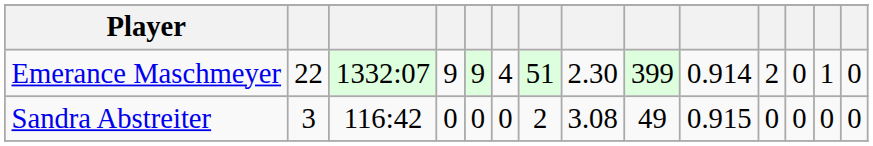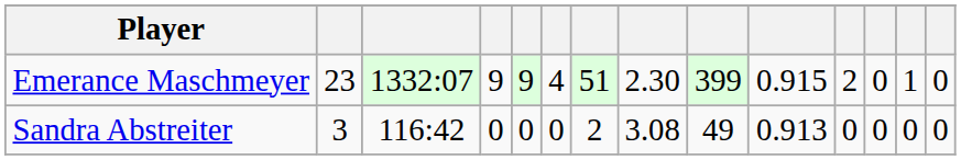 <table class="wikitable sortable" style="text-align:center">
 <tr>
 </tr>
 <tr>
 <th>Player</th>
 <th></th>
 <th></th>
 <th></th>
 <th></th>
 <th></th>
 <th></th>
 <th></th>
 <th></th>
 <th></th>
 <th></th>
 <th></th>
 <th></th>
 <th></th>
 </tr>
 <tr>
 <td style="text-align:left;"><a href='#'>Emerance Maschmeyer</a></td>
-<td>22</td>
+<td>23</td>
 <td style="background:#DDFFDD;">1332:07</td>
 <td>9</td>
 <td style="background:#DDFFDD;">9</td>
 <td>4</td>
 <td style="background:#DDFFDD;">51</td>
 <td>2.30</td>
 <td style="background:#DDFFDD;">399</td>
-<td>0.914</td>
+<td>0.915</td>
 <td>2</td>
 <td>0</td>
 <td>1</td>
 <td>0</td>
 </tr>
 <tr>
 <td style="text-align:left;"><a href='#'>Sandra Abstreiter</a></td>
 <td>3</td>
 <td>116:42</td>
 <td>0</td>
 <td>0</td>
 <td>0</td>
 <td>2</td>
 <td>3.08</td>
 <td>49</td>
-<td>0.915</td>
+<td>0.913</td>
 <td>0</td>
 <td>0</td>
 <td>0</td>
 <td>0</td>
 </tr>
 </table>
